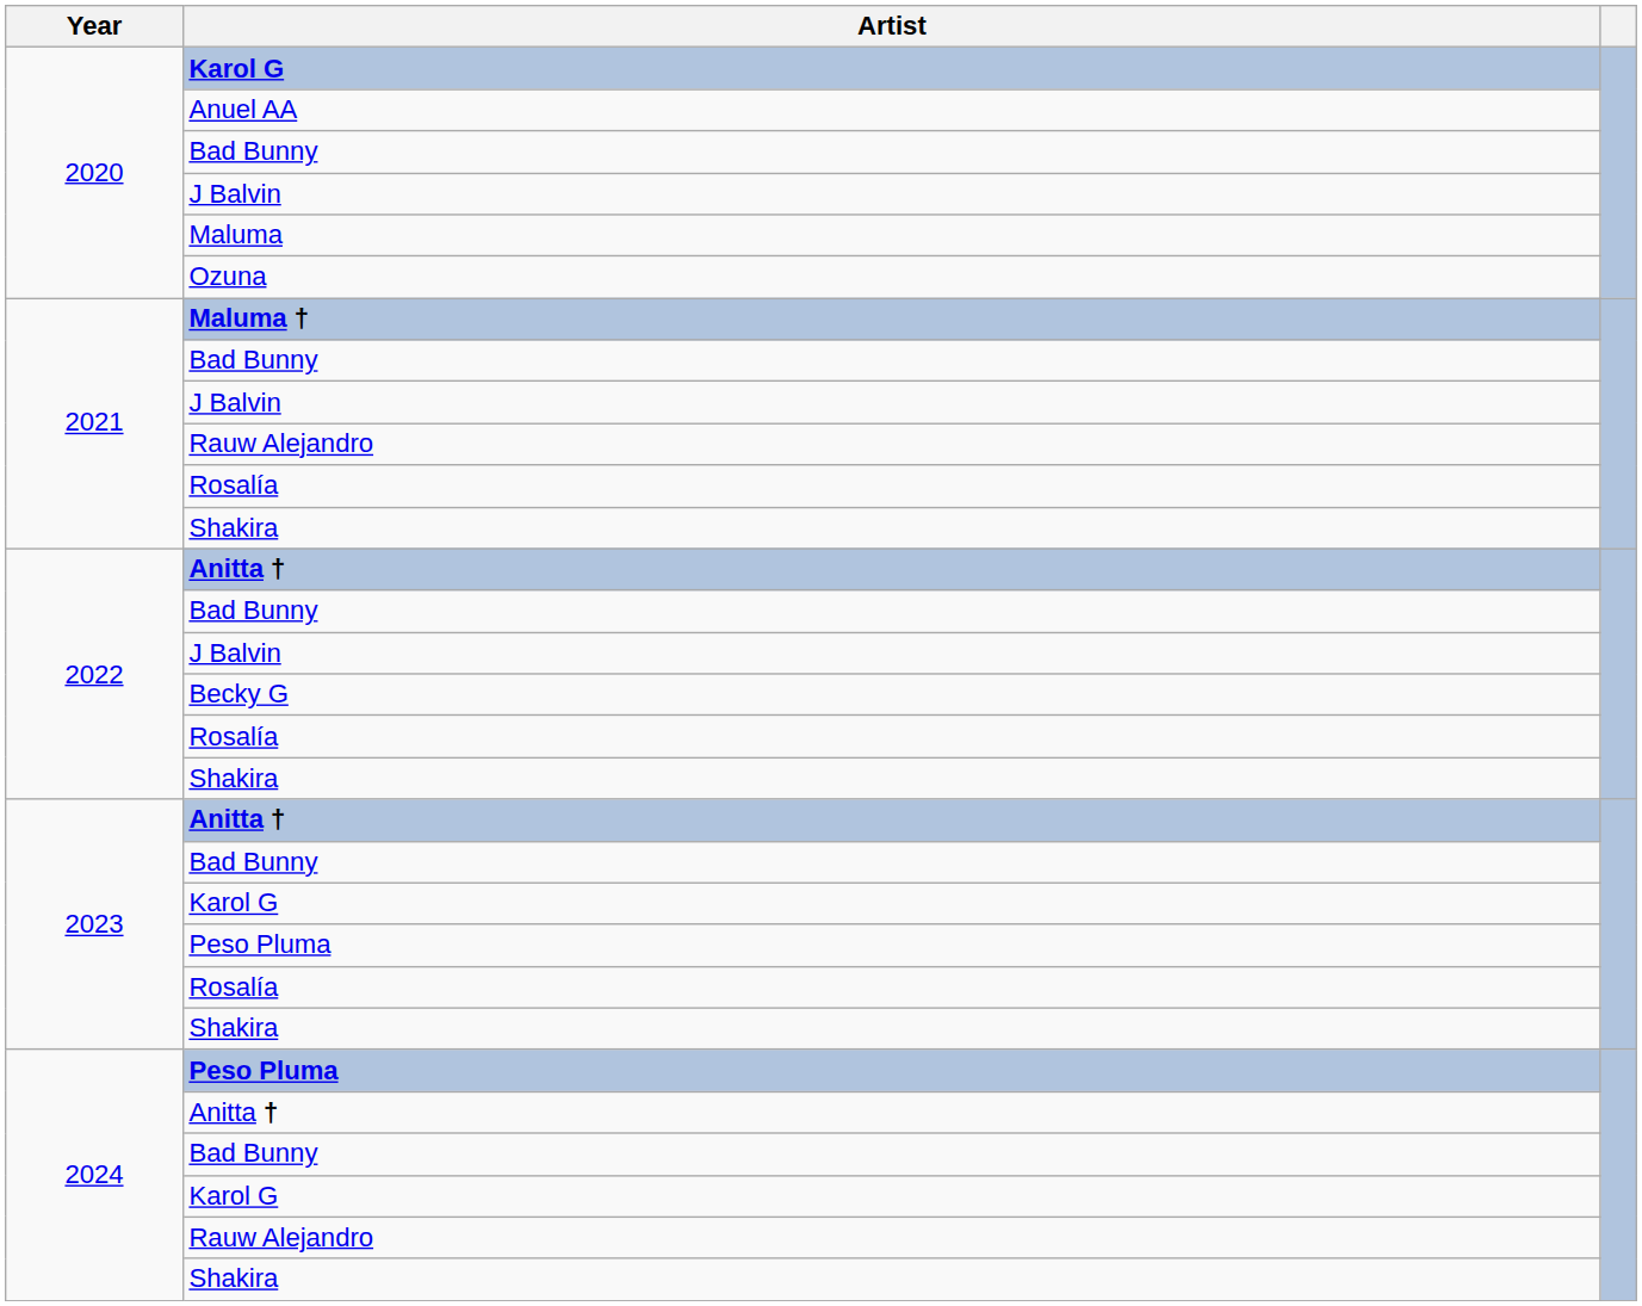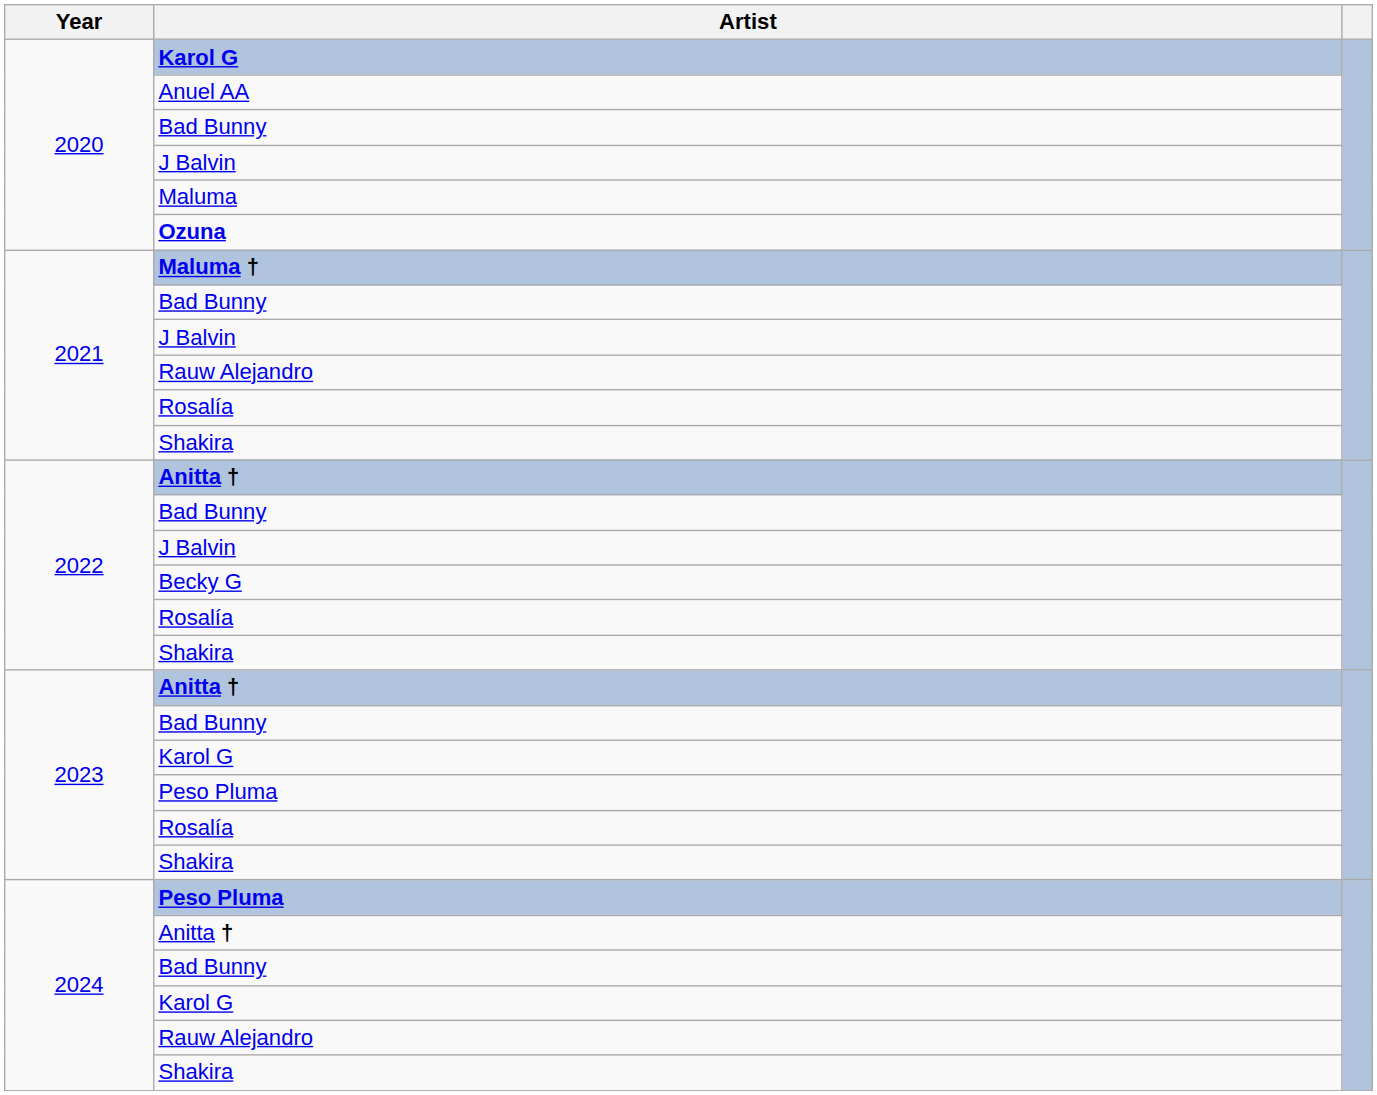 <table class="wikitable" style="width:50%;">
 <tr>
 <th style="width:5%;">Year</th>
 <th style="width:40%;">Artist</th>
 <th style="width:1%;"></th>
 </tr>
 <tr>
 <td rowspan="6" align="center"><a href='#'>2020</a></td>
 <td align="left" style="background:#B0C4DE"><strong><a href='#'>Karol G</a></strong></td>
 <td rowspan="6" align="center" style="background:#B0C4DE"></td>
 </tr>
 <tr>
 <td><a href='#'>Anuel AA</a></td>
 </tr>
 <tr>
 <td><a href='#'>Bad Bunny</a></td>
 </tr>
 <tr>
 <td><a href='#'>J Balvin</a></td>
 </tr>
 <tr>
 <td><a href='#'>Maluma</a></td>
 </tr>
 <tr>
-<td><a href='#'>Ozuna</a></td>
+<td><strong><a href='#'>Ozuna</a></strong></td>
 </tr>
 <tr>
 <td rowspan="6" align="center"><a href='#'>2021</a></td>
 <td align="left" style="background:#B0C4DE"><strong><a href='#'>Maluma</a></strong> <strong>†</strong></td>
 <td rowspan="6" align="center" style="background:#B0C4DE"></td>
 </tr>
 <tr>
 <td><a href='#'>Bad Bunny</a></td>
 </tr>
 <tr>
 <td><a href='#'>J Balvin</a></td>
 </tr>
 <tr>
 <td><a href='#'>Rauw Alejandro</a></td>
 </tr>
 <tr>
 <td><a href='#'>Rosalía</a></td>
 </tr>
 <tr>
 <td><a href='#'>Shakira</a></td>
 </tr>
 <tr>
 <td rowspan="6" align="center"><a href='#'>2022</a></td>
 <td align="left" style="background:#B0C4DE"><strong><a href='#'>Anitta</a></strong> <strong>†</strong></td>
 <td rowspan="6" align="center" style="background:#B0C4DE"></td>
 </tr>
 <tr>
 <td><a href='#'>Bad Bunny</a></td>
 </tr>
 <tr>
 <td><a href='#'>J Balvin</a></td>
 </tr>
 <tr>
 <td><a href='#'>Becky G</a></td>
 </tr>
 <tr>
 <td><a href='#'>Rosalía</a></td>
 </tr>
 <tr>
 <td><a href='#'>Shakira</a></td>
 </tr>
 <tr>
 <td rowspan="6" align="center"><a href='#'>2023</a></td>
 <td align="left" style="background:#B0C4DE"><strong><a href='#'>Anitta</a></strong> <strong>†</strong></td>
 <td rowspan="6" align="center" style="background:#B0C4DE"></td>
 </tr>
 <tr>
 <td><a href='#'>Bad Bunny</a></td>
 </tr>
 <tr>
 <td><a href='#'>Karol G</a></td>
 </tr>
 <tr>
 <td><a href='#'>Peso Pluma</a></td>
 </tr>
 <tr>
 <td><a href='#'>Rosalía</a></td>
 </tr>
 <tr>
 <td><a href='#'>Shakira</a></td>
 </tr>
 <tr>
 <td rowspan="6"  align="center"><a href='#'>2024</a></td>
 <td align="left" style="background:#B0C4DE"><strong><a href='#'>Peso Pluma</a></strong></td>
 <td rowspan="6"  align="center" style="background:#B0C4DE"></td>
 </tr>
 <tr>
 <td><a href='#'>Anitta</a> <strong>†</strong></td>
 </tr>
 <tr>
 <td><a href='#'>Bad Bunny</a></td>
 </tr>
 <tr>
 <td><a href='#'>Karol G</a></td>
 </tr>
 <tr>
 <td><a href='#'>Rauw Alejandro</a></td>
 </tr>
 <tr>
 <td><a href='#'>Shakira</a></td>
 </tr>
 </table>
